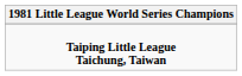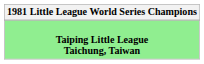 <table class="wikitable" style="text-align: center; margin: 0 auto;">
 <tr>
 <th>1981 Little League World Series Champions</th>
 </tr>
 <tr>
 </tr>
 <tr>
-<td><br><strong>Taiping Little League</strong><br><strong>Taichung, Taiwan</strong></td>
+<td style="background: lightgreen;"><br><strong>Taiping Little League</strong><br><strong>Taichung, Taiwan</strong></td>
 </tr>
 </table>
